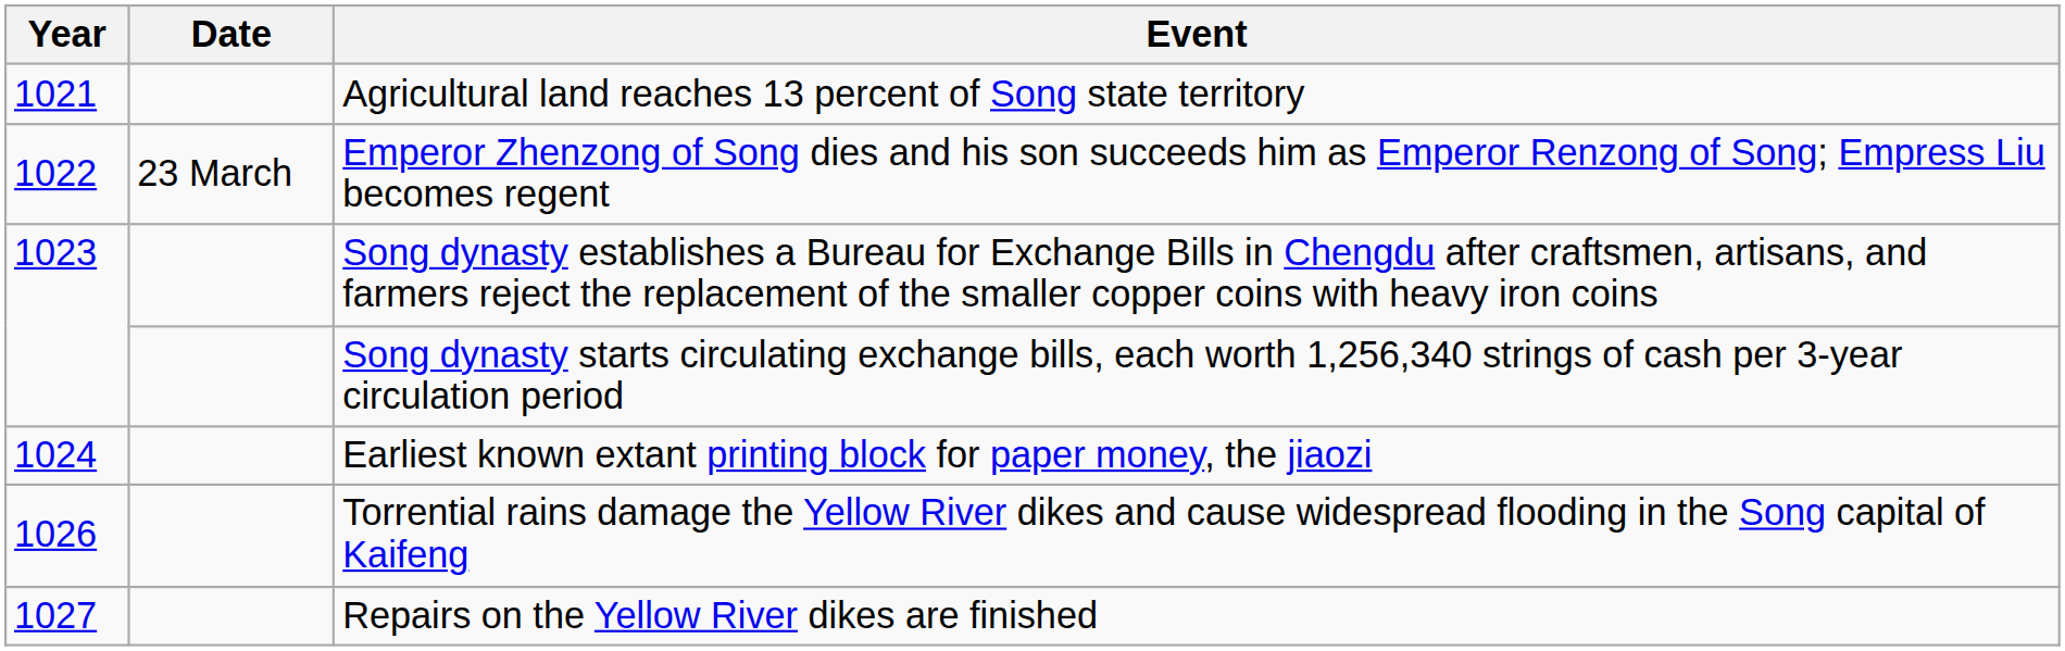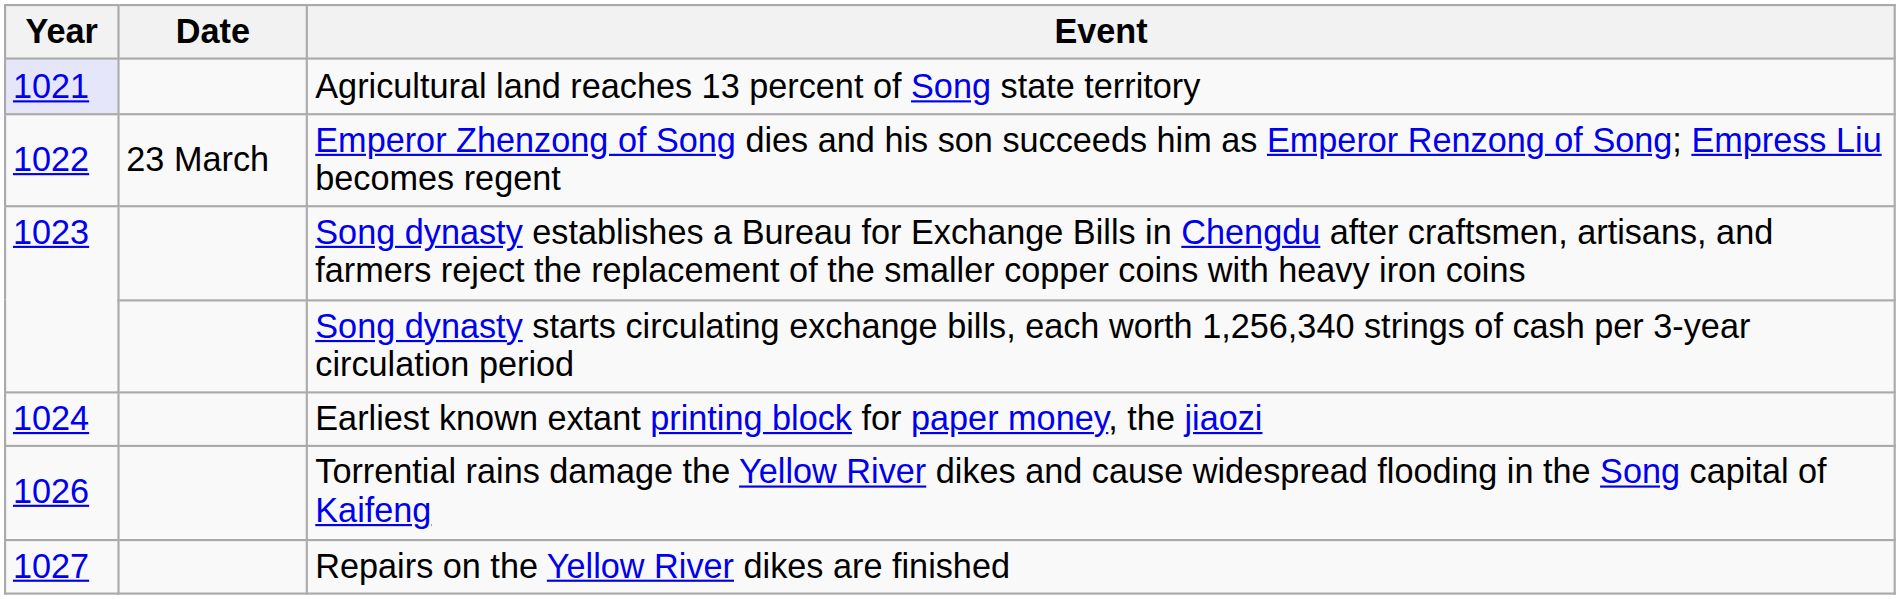 <table class="wikitable" width="100%">
 <tr>
 <th style="width:6%">Year</th>
 <th style="width:10%">Date</th>
 <th>Event</th>
 </tr>
 <tr>
-<td><a href='#'>1021</a></td>
+<td style="background: lavender;"><a href='#'>1021</a></td>
 <td></td>
 <td>Agricultural land reaches 13 percent of <a href='#'>Song</a> state territory</td>
 </tr>
 <tr>
 <td><a href='#'>1022</a></td>
 <td>23 March</td>
 <td><a href='#'>Emperor Zhenzong of Song</a> dies and his son succeeds him as <a href='#'>Emperor Renzong of Song</a>; <a href='#'>Empress Liu</a> becomes regent</td>
 </tr>
 <tr>
 <td rowspan="2" valign="top"><a href='#'>1023</a></td>
 <td></td>
 <td><a href='#'>Song dynasty</a> establishes a Bureau for Exchange Bills in <a href='#'>Chengdu</a> after craftsmen, artisans, and farmers reject the replacement of the smaller copper coins with heavy iron coins</td>
 </tr>
 <tr>
 <td></td>
 <td><a href='#'>Song dynasty</a> starts circulating exchange bills, each worth 1,256,340 strings of cash per 3-year circulation period</td>
 </tr>
 <tr>
 <td><a href='#'>1024</a></td>
 <td></td>
 <td>Earliest known extant <a href='#'>printing block</a> for <a href='#'>paper money</a>, the <a href='#'>jiaozi</a></td>
 </tr>
 <tr>
 <td><a href='#'>1026</a></td>
 <td></td>
 <td>Torrential rains damage the <a href='#'>Yellow River</a> dikes and cause widespread flooding in the <a href='#'>Song</a> capital of <a href='#'>Kaifeng</a></td>
 </tr>
 <tr>
 <td><a href='#'>1027</a></td>
 <td></td>
 <td>Repairs on the <a href='#'>Yellow River</a> dikes are finished</td>
 </tr>
 </table>
